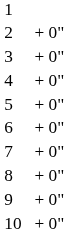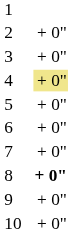 <table style="clear:both;">
 <tr>
 <td></td>
 </tr>
 <tr>
 <td>1</td>
 <td> </td>
 <td></td>
 <td align="right"></td>
 </tr>
 <tr>
 <td>2</td>
 <td></td>
 <td></td>
 <td align="right">+ 0"</td>
 </tr>
 <tr>
 <td>3</td>
 <td></td>
 <td></td>
 <td align="right">+ 0"</td>
 </tr>
 <tr>
 <td>4</td>
 <td></td>
 <td></td>
-<td align="right">+ 0"</td>
+<td align="right" style="background: khaki;">+ 0"</td>
 </tr>
 <tr>
 <td>5</td>
 <td></td>
 <td></td>
 <td align="right">+ 0"</td>
 </tr>
 <tr>
 <td>6</td>
 <td></td>
 <td></td>
 <td align="right">+ 0"</td>
 </tr>
 <tr>
 <td>7</td>
 <td></td>
 <td></td>
 <td align="right">+ 0"</td>
 </tr>
 <tr>
 <td>8</td>
 <td></td>
 <td></td>
-<td align="right">+ 0"</td>
+<td align="right"><strong>+ 0"</strong></td>
 </tr>
 <tr>
 <td>9</td>
 <td></td>
 <td></td>
 <td align="right">+ 0"</td>
 </tr>
 <tr>
 <td>10</td>
 <td></td>
 <td></td>
 <td align="right">+ 0"</td>
 </tr>
 </table>
